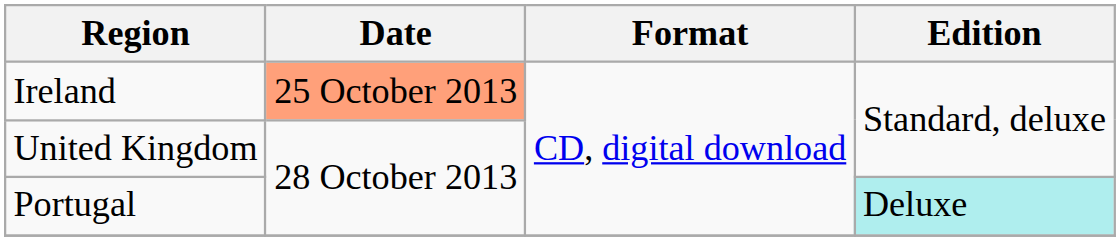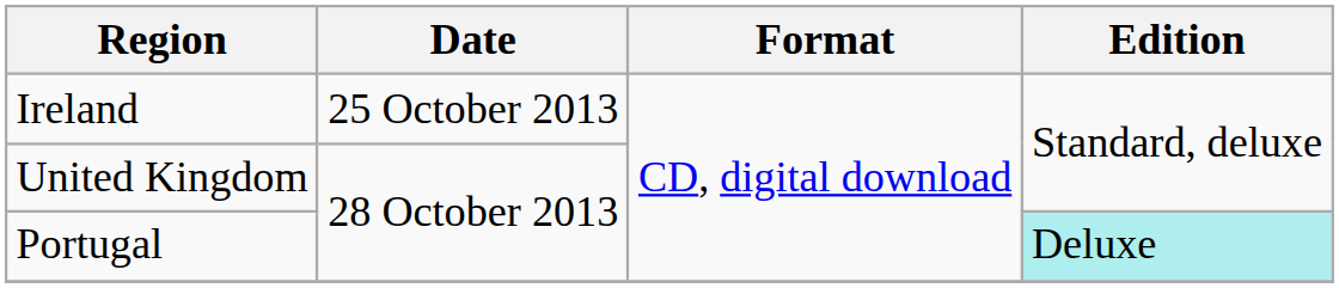 <table class=wikitable>
 <tr>
 <th>Region</th>
 <th>Date</th>
 <th>Format</th>
 <th>Edition</th>
 </tr>
 <tr>
 <td>Ireland</td>
-<td style="background: lightsalmon;">25 October 2013</td>
+<td>25 October 2013</td>
 <td rowspan="3"><a href='#'>CD</a>, <a href='#'>digital download</a></td>
 <td rowspan="2">Standard, deluxe</td>
 </tr>
 <tr>
 <td>United Kingdom</td>
 <td rowspan="2">28 October 2013</td>
 </tr>
 <tr>
 <td>Portugal</td>
 <td style="background: paleturquoise;">Deluxe</td>
 </tr>
 <tr>
 </tr>
 </table>
